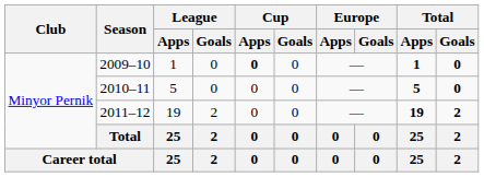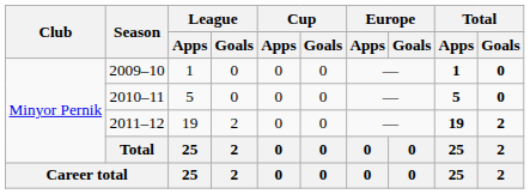 <table class="wikitable" style="font-size:90%; text-align: center">
 <tr>
 <th rowspan=2>Club</th>
 <th rowspan=2>Season</th>
 <th colspan=2>League</th>
 <th colspan=2>Cup</th>
 <th colspan=2>Europe</th>
 <th colspan=2>Total</th>
 </tr>
 <tr>
 <th>Apps</th>
 <th>Goals</th>
 <th>Apps</th>
 <th>Goals</th>
 <th>Apps</th>
 <th>Goals</th>
 <th>Apps</th>
 <th>Goals</th>
 </tr>
 <tr>
 <td rowspan=4><a href='#'>Minyor Pernik</a></td>
 <td>2009–10</td>
 <td>1</td>
 <td>0</td>
-<td><strong>0</strong></td>
+<td>0</td>
 <td>0</td>
 <td colspan="2">—</td>
 <td><strong>1</strong></td>
 <td><strong>0</strong></td>
 </tr>
 <tr>
 <td>2010–11</td>
 <td>5</td>
 <td>0</td>
 <td>0</td>
 <td>0</td>
 <td colspan="2">—</td>
 <td><strong>5</strong></td>
 <td><strong>0</strong></td>
 </tr>
 <tr>
 <td>2011–12</td>
 <td>19</td>
 <td>2</td>
 <td>0</td>
 <td>0</td>
 <td colspan="2">—</td>
 <td><strong>19</strong></td>
 <td><strong>2</strong></td>
 </tr>
 <tr>
 <th colspan=1>Total</th>
 <th>25</th>
 <th>2</th>
 <th>0</th>
 <th>0</th>
 <th>0</th>
 <th>0</th>
 <th>25</th>
 <th>2</th>
 </tr>
 <tr>
 <th colspan=2>Career total</th>
 <th>25</th>
 <th>2</th>
 <th>0</th>
 <th>0</th>
 <th>0</th>
 <th>0</th>
 <th>25</th>
 <th>2</th>
 </tr>
 </table>
